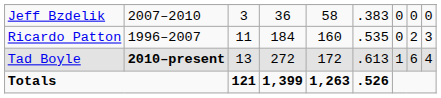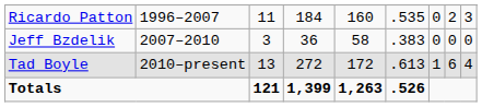 <table class="wikitable sortable">
 <tr>
 </tr>
 <tr>
+</tr>
+<tr>
+<td><a href='#'>Ricardo Patton</a></td>
+<td>1996–2007</td>
+<td style="text-align:center;">11</td>
+<td style="text-align:center;">184</td>
+<td style="text-align:center;">160</td>
+<td style="text-align:center;">.535</td>
+<td style="text-align:center;">0</td>
+<td style="text-align:center;">2</td>
+<td style="text-align:center;">3</td>
 </tr>
 <tr>
 <td><a href='#'>Jeff Bzdelik</a></td>
 <td>2007–2010</td>
 <td style="text-align:center;">3</td>
 <td style="text-align:center;">36</td>
 <td style="text-align:center;">58</td>
 <td style="text-align:center;">.383</td>
 <td style="text-align:center;">0</td>
 <td style="text-align:center;">0</td>
 <td style="text-align:center;">0</td>
 </tr>
-<tr>
-<td><a href='#'>Ricardo Patton</a></td>
-<td>1996–2007</td>
-<td style="text-align:center;">11</td>
-<td style="text-align:center;">184</td>
-<td style="text-align:center;">160</td>
-<td style="text-align:center;">.535</td>
-<td style="text-align:center;">0</td>
-<td style="text-align:center;">2</td>
-<td style="text-align:center;">3</td>
-</tr>
 <tr style="background: #e3e3e3"70>
 <td><a href='#'>Tad Boyle</a></td>
-<td><strong>2010–present</strong></td>
+<td>2010–present</td>
 <td style="text-align:center;">13</td>
 <td style="text-align:center;">272</td>
 <td style="text-align:center;">172</td>
 <td style="text-align:center;">.613</td>
 <td style="text-align:center;">1</td>
 <td style="text-align:center;">6</td>
 <td style="text-align:center;">4</td>
 </tr>
 <tr>
 <td colspan="2"><strong>Totals</strong></td>
 <td><strong>121</strong></td>
 <td><strong>1,399</strong></td>
 <td><strong>1,263</strong></td>
 <td><strong>.526</strong></td>
 <td colspan="3"></td>
 </tr>
 </table>
